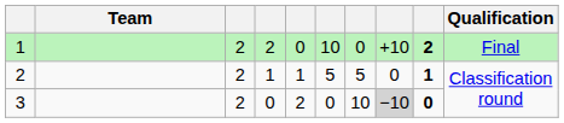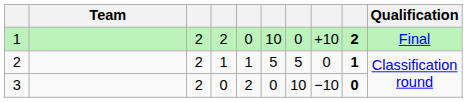 <table class="wikitable" style="text-align:center;">
 <tr>
 <th width=20></th>
 <th width=165>Team</th>
 <th width=20></th>
 <th width=20></th>
 <th width=20></th>
 <th width=20></th>
 <th width=20></th>
 <th width=20></th>
 <th width=20></th>
 <th width=95>Qualification</th>
 </tr>
 <tr bgcolor=bbf3bb>
 <td>1</td>
 <td align="left"></td>
 <td>2</td>
 <td>2</td>
 <td>0</td>
 <td>10</td>
 <td>0</td>
 <td>+10</td>
 <td><strong>2</strong></td>
 <td><a href='#'>Final</a></td>
 </tr>
 <tr>
 <td>2</td>
 <td align="left"></td>
 <td>2</td>
 <td>1</td>
 <td>1</td>
 <td>5</td>
 <td>5</td>
 <td>0</td>
 <td><strong>1</strong></td>
 <td rowspan="2"><a href='#'>Classification round</a></td>
 </tr>
 <tr>
 <td>3</td>
 <td align="left"></td>
 <td>2</td>
 <td>0</td>
 <td>2</td>
 <td>0</td>
 <td>10</td>
-<td style="background: lightgrey;">−10</td>
+<td>−10</td>
 <td><strong>0</strong></td>
 </tr>
 </table>
